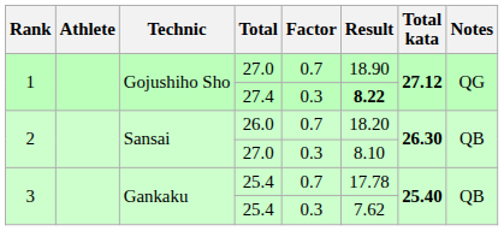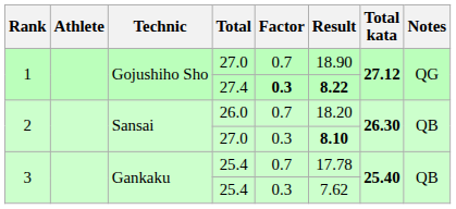 <table class="wikitable" style="text-align:center">
 <tr>
 <th>Rank</th>
 <th>Athlete</th>
 <th>Technic</th>
 <th>Total</th>
 <th>Factor</th>
 <th>Result</th>
 <th>Total<br>kata</th>
 <th>Notes</th>
 </tr>
 <tr bgcolor=bbffbb>
 <td rowspan=2>1</td>
 <td rowspan=2 align=left></td>
 <td rowspan=2 align=left>Gojushiho Sho</td>
 <td>27.0</td>
 <td>0.7</td>
 <td>18.90</td>
 <td rowspan=2><strong>27.12</strong></td>
 <td rowspan=2>QG</td>
 </tr>
 <tr bgcolor=bbffbb>
 <td>27.4</td>
-<td>0.3</td>
+<td><strong>0.3</strong></td>
 <td><strong>8.22</strong></td>
 </tr>
 <tr bgcolor=ccffcc>
 <td rowspan=2>2</td>
 <td rowspan=2 align=left></td>
 <td rowspan=2 align=left>Sansai</td>
 <td>26.0</td>
 <td>0.7</td>
 <td>18.20</td>
 <td rowspan=2><strong>26.30</strong></td>
 <td rowspan=2>QB</td>
 </tr>
 <tr bgcolor=ccffcc>
 <td>27.0</td>
 <td>0.3</td>
-<td>8.10</td>
+<td><strong>8.10</strong></td>
 </tr>
 <tr bgcolor=ccffcc>
 <td rowspan=2>3</td>
 <td rowspan=2 align=left></td>
 <td rowspan=2 align=left>Gankaku</td>
 <td>25.4</td>
 <td>0.7</td>
 <td>17.78</td>
 <td rowspan=2><strong>25.40</strong></td>
 <td rowspan=2>QB</td>
 </tr>
 <tr bgcolor=ccffcc>
 <td>25.4</td>
 <td>0.3</td>
 <td>7.62</td>
 </tr>
 </table>
